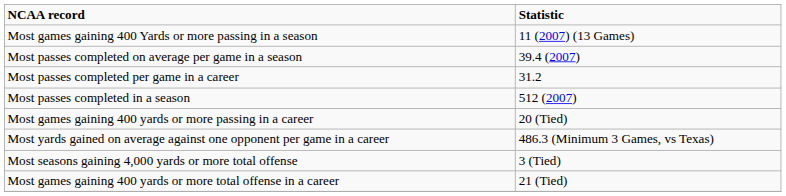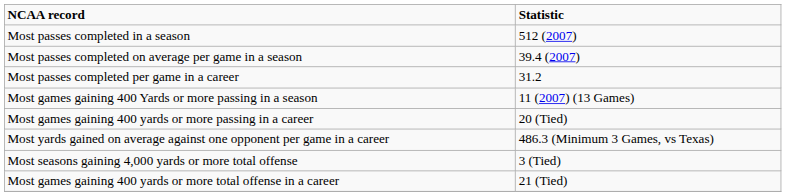 <table class="wikitable sortable" style="width:75%">
 <tr>
 <td colspan="1"><strong>NCAA record</strong></td>
 <td colspan="1"><strong>Statistic</strong></td>
 </tr>
 <tr>
-<td align="left">Most games gaining 400 Yards or more passing in a season </td>
-<td align="left">11 (<a href='#'>2007</a>) (13 Games)</td>
+<td align="left">Most passes completed in a season</td>
+<td align="left">512 (<a href='#'>2007</a>)</td>
 </tr>
 <tr>
 <td align="left">Most passes completed on average per game in a season</td>
 <td align="left">39.4 (<a href='#'>2007</a>)</td>
 </tr>
 <tr>
 <td align="left">Most passes completed per game in a career</td>
 <td align="left">31.2</td>
 </tr>
 <tr>
-<td align="left">Most passes completed in a season</td>
-<td align="left">512 (<a href='#'>2007</a>)</td>
+<td align="left">Most games gaining 400 Yards or more passing in a season </td>
+<td align="left">11 (<a href='#'>2007</a>) (13 Games)</td>
 </tr>
 <tr>
 <td align="left">Most games gaining 400 yards or more passing in a career</td>
 <td align="left">20 (Tied)</td>
 </tr>
 <tr>
 <td align="left">Most yards gained on average against one opponent per game in a career</td>
 <td align="left">486.3 (Minimum 3 Games, vs Texas)</td>
 </tr>
 <tr>
 <td align="left">Most seasons gaining 4,000 yards or more total offense</td>
 <td align="left">3 (Tied)</td>
 </tr>
 <tr>
 <td align="left">Most games gaining 400 yards or more total offense in a career</td>
 <td align="left">21 (Tied)</td>
 </tr>
 <tr>
 </tr>
 </table>
